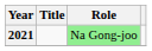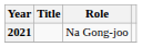 <table class="wikitable plainrowheaders">
 <tr>
 <th scope="col">Year</th>
 <th scope="col">Title</th>
 <th scope="col">Role</th>
 <th scope="col" class="unsortable"></th>
 </tr>
 <tr>
 <th scope="row">2021</th>
 <td><em></em></td>
-<td style="background: lightgreen;">Na Gong-joo</td>
+<td>Na Gong-joo</td>
 <td style="text-align:center"></td>
 </tr>
 <tr>
 </tr>
 </table>
